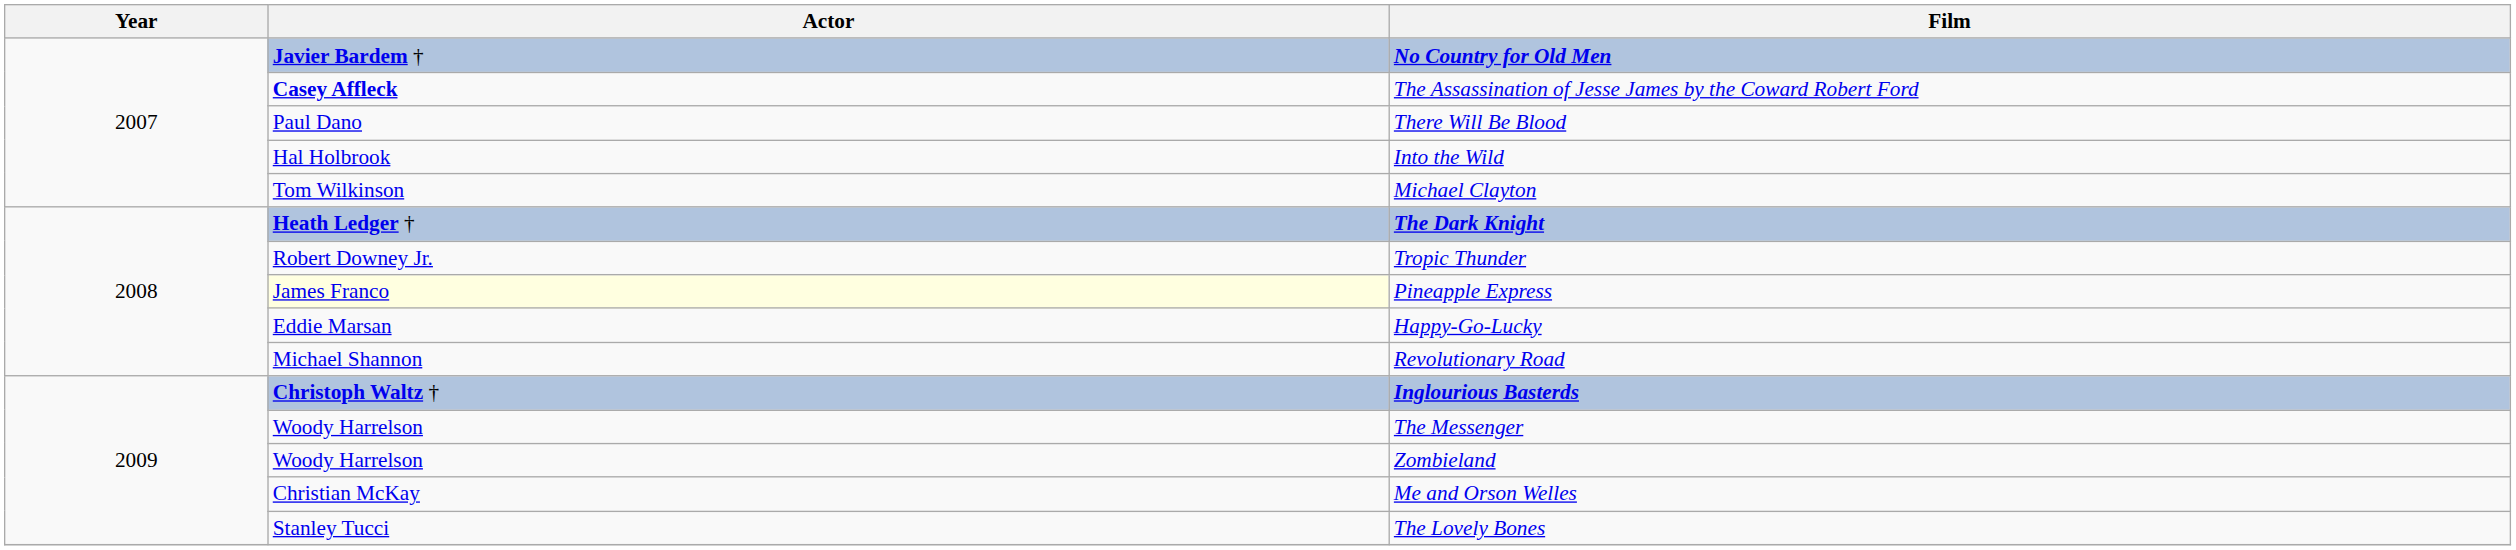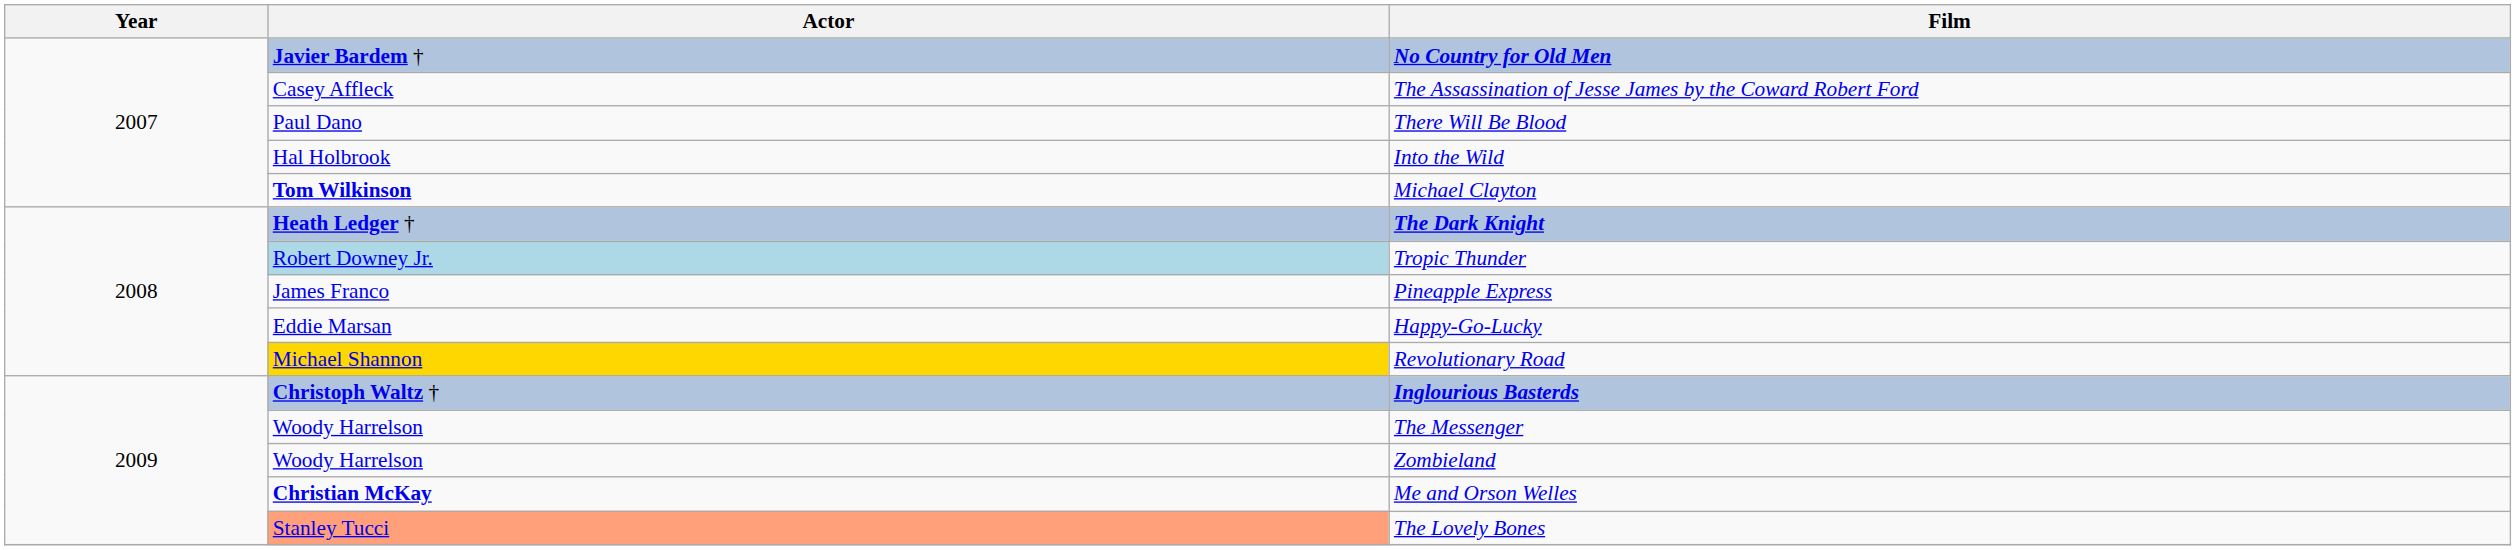 <table class="wikitable" width="95%" cellpadding="5">
 <tr>
 <th width="100"><strong>Year</strong></th>
 <th width="450"><strong>Actor</strong></th>
 <th width="450"><strong>Film</strong></th>
 </tr>
 <tr>
 <td rowspan=5 style="text-align:center;">2007<br></td>
 <td style="background:#B0C4DE;"><strong><a href='#'>Javier Bardem</a></strong> †</td>
 <td style="background:#B0C4DE;"><strong><em><a href='#'>No Country for Old Men</a></em></strong></td>
 </tr>
 <tr>
-<td><strong><a href='#'>Casey Affleck</a></strong></td>
+<td><a href='#'>Casey Affleck</a></td>
 <td><em><a href='#'>The Assassination of Jesse James by the Coward Robert Ford</a></em></td>
 </tr>
 <tr>
 <td><a href='#'>Paul Dano</a></td>
 <td><em><a href='#'>There Will Be Blood</a></em></td>
 </tr>
 <tr>
 <td><a href='#'>Hal Holbrook</a></td>
 <td><em><a href='#'>Into the Wild</a></em></td>
 </tr>
 <tr>
-<td><a href='#'>Tom Wilkinson</a></td>
+<td><strong><a href='#'>Tom Wilkinson</a></strong></td>
 <td><em><a href='#'>Michael Clayton</a></em></td>
 </tr>
 <tr>
 <td rowspan=5 style="text-align:center;">2008<br></td>
 <td style="background:#B0C4DE;"><strong><a href='#'>Heath Ledger</a></strong> †</td>
 <td style="background:#B0C4DE;"><strong><em><a href='#'>The Dark Knight</a></em></strong></td>
 </tr>
 <tr>
-<td><a href='#'>Robert Downey Jr.</a></td>
+<td style="background: lightblue;"><a href='#'>Robert Downey Jr.</a></td>
 <td><em><a href='#'>Tropic Thunder</a></em></td>
 </tr>
 <tr>
-<td style="background: lightyellow;"><a href='#'>James Franco</a></td>
+<td><a href='#'>James Franco</a></td>
 <td><em><a href='#'>Pineapple Express</a></em></td>
 </tr>
 <tr>
 <td><a href='#'>Eddie Marsan</a></td>
 <td><em><a href='#'>Happy-Go-Lucky</a></em></td>
 </tr>
 <tr>
-<td><a href='#'>Michael Shannon</a></td>
+<td style="background: gold;"><a href='#'>Michael Shannon</a></td>
 <td><em><a href='#'>Revolutionary Road</a></em></td>
 </tr>
 <tr>
 <td rowspan=5 style="text-align:center;">2009<br></td>
 <td style="background:#B0C4DE;"><strong><a href='#'>Christoph Waltz</a></strong> †</td>
 <td style="background:#B0C4DE;"><strong><em><a href='#'>Inglourious Basterds</a></em></strong></td>
 </tr>
 <tr>
 <td><a href='#'>Woody Harrelson</a></td>
 <td><em><a href='#'>The Messenger</a></em></td>
 </tr>
 <tr>
 <td><a href='#'>Woody Harrelson</a></td>
 <td><em><a href='#'>Zombieland</a></em></td>
 </tr>
 <tr>
-<td><a href='#'>Christian McKay</a></td>
+<td><strong><a href='#'>Christian McKay</a></strong></td>
 <td><em><a href='#'>Me and Orson Welles</a></em></td>
 </tr>
 <tr>
-<td><a href='#'>Stanley Tucci</a></td>
+<td style="background: lightsalmon;"><a href='#'>Stanley Tucci</a></td>
 <td><em><a href='#'>The Lovely Bones</a></em></td>
 </tr>
 <tr>
 </tr>
 </table>
